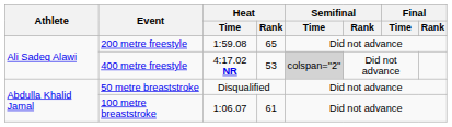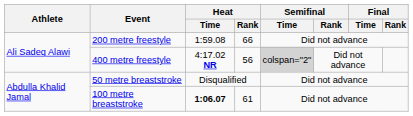 <table class="wikitable" style="text-align:center; font-size:90%; width:50%;">
 <tr>
 <th rowspan="2">Athlete</th>
 <th rowspan="2">Event</th>
 <th colspan="2">Heat</th>
 <th colspan="2">Semifinal</th>
 <th colspan="2">Final</th>
 </tr>
 <tr style="font-size:95%">
 <th>Time</th>
 <th>Rank</th>
 <th>Time</th>
 <th>Rank</th>
 <th>Time</th>
 <th>Rank</th>
 </tr>
 <tr>
 <td align=left rowspan=2><a href='#'>Ali Sadeq Alawi</a></td>
 <td align=left><a href='#'>200 metre freestyle</a></td>
 <td>1:59.08</td>
-<td>65</td>
+<td>66</td>
 <td colspan=4>Did not advance</td>
 </tr>
 <tr>
 <td align=left><a href='#'>400 metre freestyle</a></td>
 <td>4:17.02 <strong><a href='#'>NR</a></strong></td>
-<td>53</td>
+<td>56</td>
 <td style="background: lightgrey;">colspan="2" </td>
 <td colspan="2">Did not advance</td>
 </tr>
 <tr>
 <td align=left rowspan=2><a href='#'>Abdulla Khalid Jamal</a></td>
 <td align=left><a href='#'>50 metre breaststroke</a></td>
 <td colspan=2>Disqualified</td>
 <td colspan=4>Did not advance</td>
 </tr>
 <tr>
 <td align=left><a href='#'>100 metre breaststroke</a></td>
-<td>1:06.07</td>
+<td><strong>1:06.07</strong></td>
 <td>61</td>
 <td colspan=4>Did not advance</td>
 </tr>
 </table>
